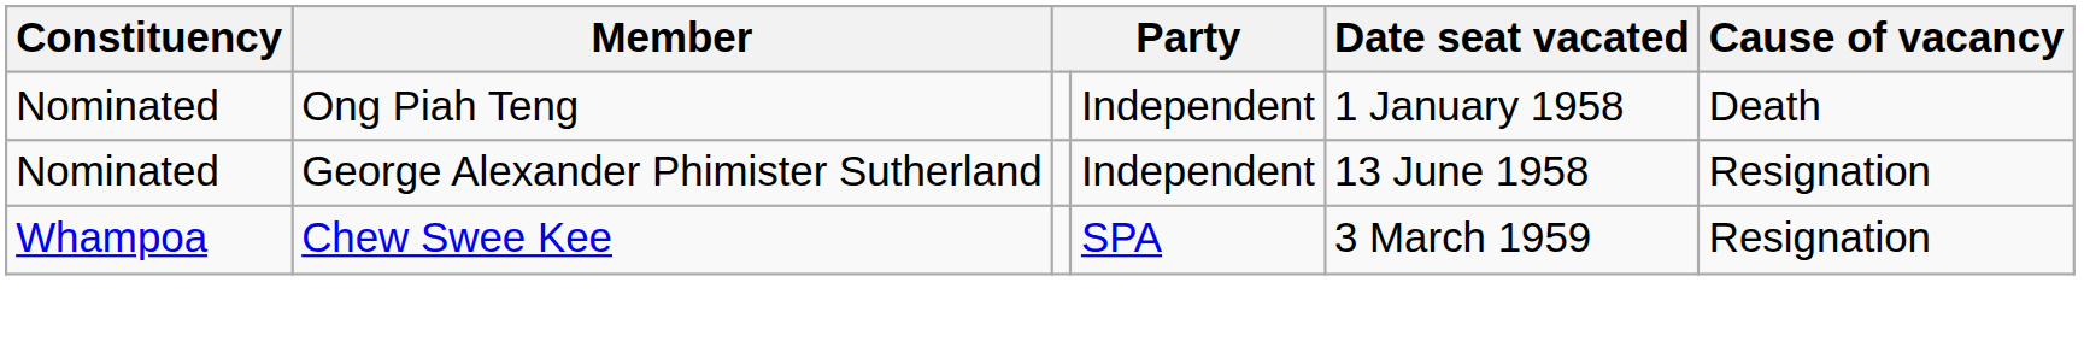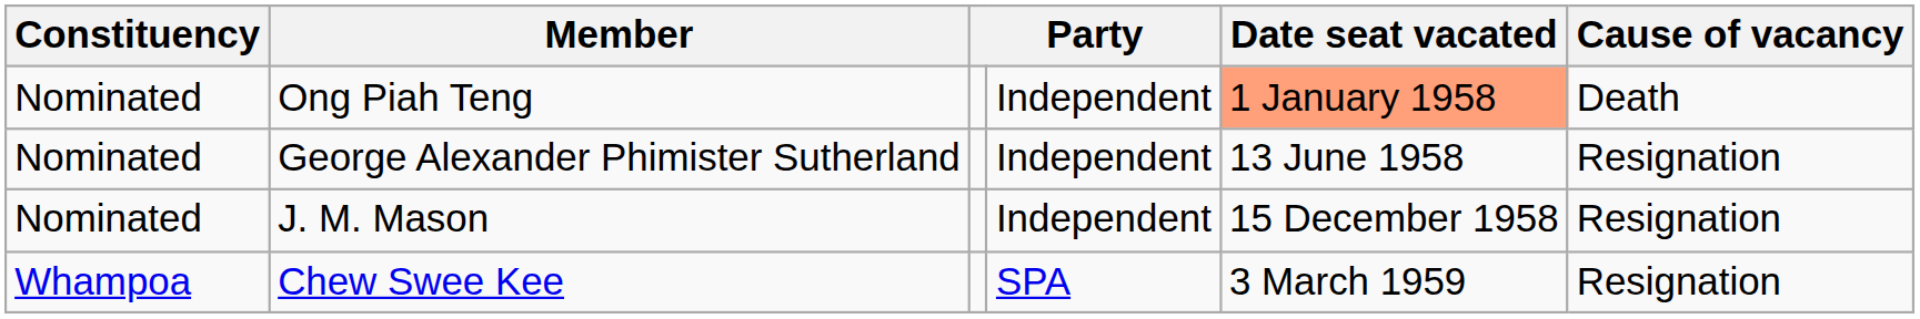 <table class="wikitable" border="1">
 <tr>
 <th>Constituency</th>
 <th>Member</th>
 <th colspan="2">Party</th>
 <th>Date seat vacated</th>
 <th>Cause of vacancy</th>
 </tr>
 <tr>
 <td scope="row">Nominated</td>
 <td>Ong Piah Teng</td>
 <td></td>
 <td>Independent</td>
-<td>1 January 1958</td>
+<td style="background: lightsalmon;">1 January 1958</td>
 <td>Death</td>
 </tr>
 <tr>
 <td>Nominated</td>
 <td>George Alexander Phimister Sutherland</td>
 <td></td>
 <td>Independent</td>
 <td>13 June 1958</td>
 <td>Resignation</td>
 </tr>
 <tr>
+<td>Nominated</td>
+<td>J. M. Mason</td>
+<td></td>
+<td>Independent</td>
+<td>15 December 1958</td>
+<td>Resignation</td>
+</tr>
+<tr>
 <td><a href='#'>Whampoa</a></td>
 <td><a href='#'>Chew Swee Kee</a></td>
 <td></td>
 <td><a href='#'>SPA</a></td>
 <td>3 March 1959</td>
 <td>Resignation</td>
 </tr>
 </table>
